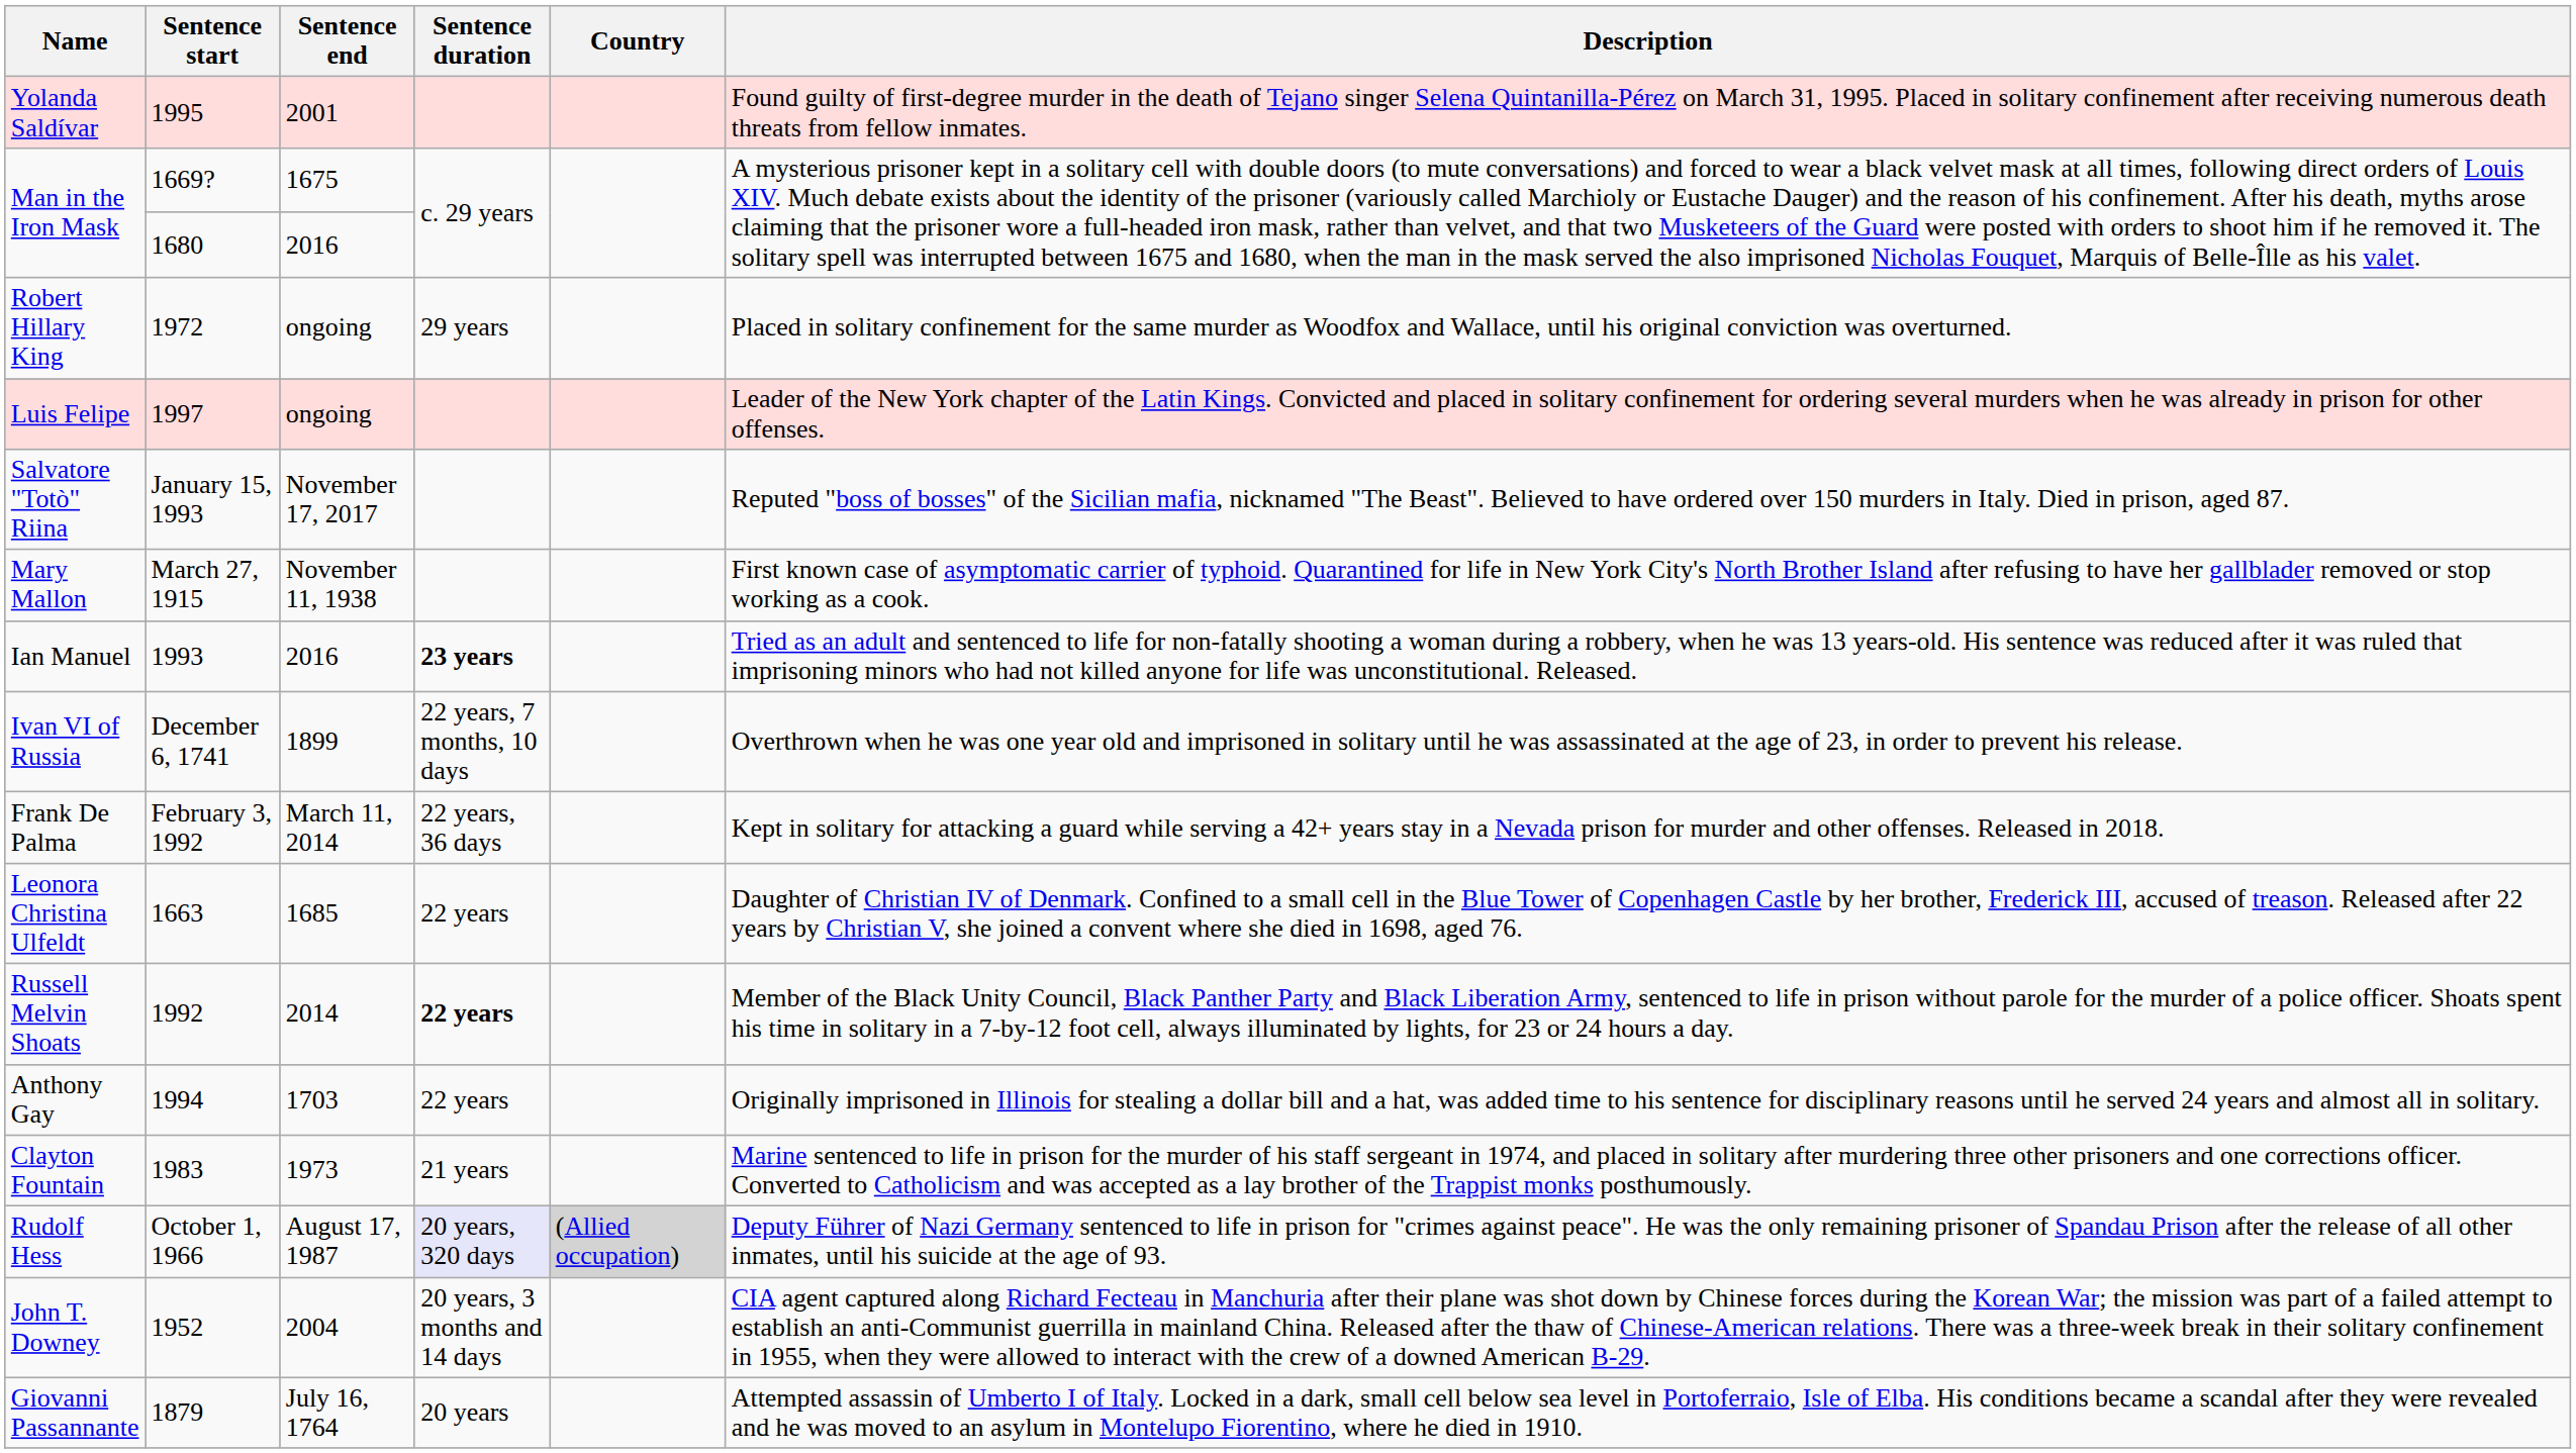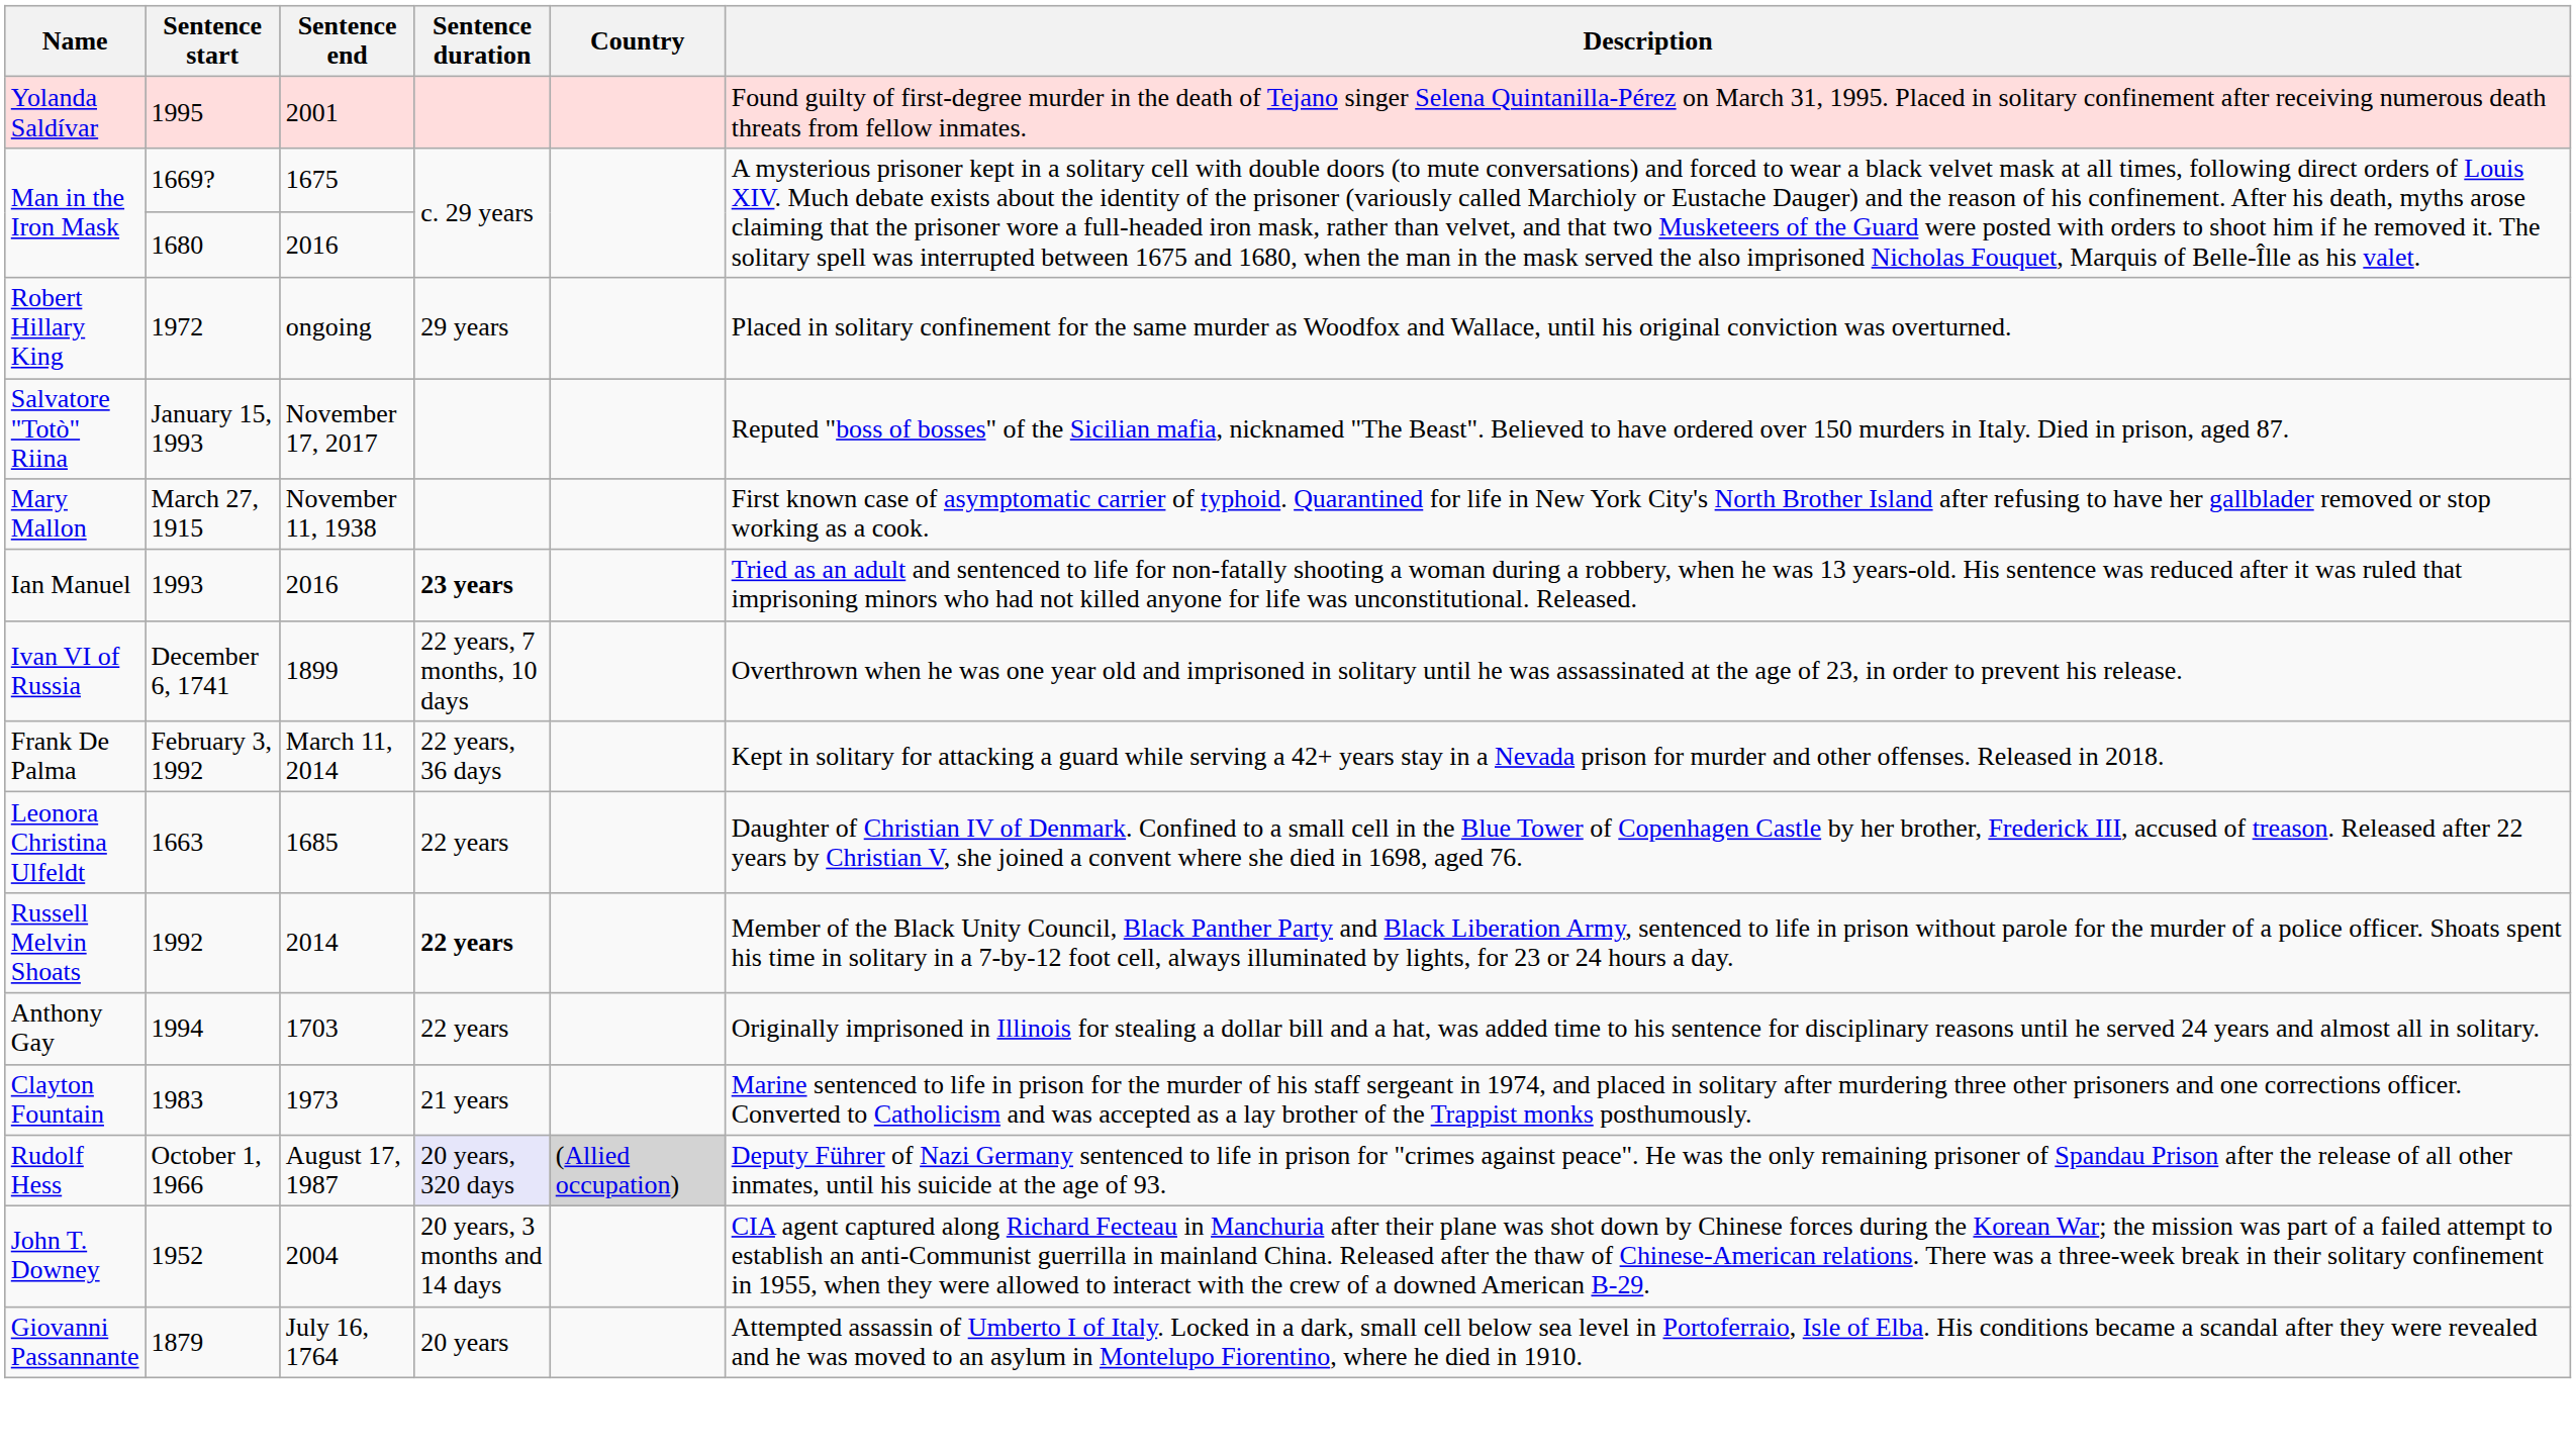 <table class="wikitable sortable" style="display: inline-table;width:;">
 <tr>
 <th style="width:76px;">Name</th>
 <th style="width:75px;">Sentence start</th>
 <th style="width:75px;">Sentence end</th>
 <th style="width:75px;">Sentence duration</th>
 <th style="width:100px;">Country</th>
 <th class="unsortable">Description</th>
 </tr>
 <tr style="background:#fdd;">
 <td><a href='#'>Yolanda Saldívar</a></td>
 <td>1995</td>
 <td>2001</td>
 <td></td>
 <td> </td>
 <td>Found guilty of first-degree murder in the death of <a href='#'>Tejano</a> singer <a href='#'>Selena Quintanilla-Pérez</a> on March 31, 1995. Placed in solitary confinement after receiving numerous death threats from fellow inmates.</td>
 </tr>
 <tr>
 <td rowspan="2"><a href='#'>Man in the Iron Mask</a></td>
 <td>1669?</td>
 <td>1675</td>
 <td rowspan="2">c. 29 years</td>
 <td rowspan="2"> </td>
 <td rowspan="2">A mysterious prisoner kept in a solitary cell with double doors (to mute conversations) and forced to wear a black velvet mask at all times, following direct orders of <a href='#'>Louis XIV</a>. Much debate exists about the identity of the prisoner (variously called Marchioly or Eustache Dauger) and the reason of his confinement. After his death, myths arose claiming that the prisoner wore a full-headed iron mask, rather than velvet, and that two <a href='#'>Musketeers of the Guard</a> were posted with orders to shoot him if he removed it. The solitary spell was interrupted between 1675 and 1680, when the man in the mask served the also imprisoned <a href='#'>Nicholas Fouquet</a>, Marquis of Belle-Îlle as his <a href='#'>valet</a>.</td>
 </tr>
 <tr>
 <td>1680</td>
 <td>2016</td>
 </tr>
 <tr>
 <td><a href='#'>Robert Hillary King</a></td>
 <td>1972</td>
 <td>ongoing</td>
 <td>29 years</td>
 <td> </td>
 <td>Placed in solitary confinement for the same murder as Woodfox and Wallace, until his original conviction was overturned.</td>
-</tr>
-<tr style="background:#fdd;">
-<td><a href='#'>Luis Felipe</a></td>
-<td>1997</td>
-<td>ongoing</td>
-<td></td>
-<td> </td>
-<td>Leader of the New York chapter of the <a href='#'>Latin Kings</a>. Convicted and placed in solitary confinement for ordering several murders when he was already in prison for other offenses.</td>
 </tr>
 <tr>
 <td><a href='#'>Salvatore "Totò" Riina</a></td>
 <td>January 15, 1993</td>
 <td>November 17, 2017</td>
 <td></td>
 <td> </td>
 <td>Reputed "<a href='#'>boss of bosses</a>" of the <a href='#'>Sicilian mafia</a>, nicknamed "The Beast". Believed to have ordered over 150 murders in Italy. Died in prison, aged 87.</td>
 </tr>
 <tr>
 <td><a href='#'>Mary Mallon</a></td>
 <td>March 27, 1915</td>
 <td>November 11, 1938</td>
 <td></td>
 <td> </td>
 <td>First known case of <a href='#'>asymptomatic carrier</a> of <a href='#'>typhoid</a>. <a href='#'>Quarantined</a> for life in New York City's <a href='#'>North Brother Island</a> after refusing to have her <a href='#'>gallblader</a> removed or stop working as a cook.</td>
 </tr>
 <tr>
 <td>Ian Manuel</td>
 <td>1993</td>
 <td>2016</td>
 <td><strong>23 years</strong></td>
 <td> </td>
 <td><a href='#'>Tried as an adult</a> and sentenced to life for non-fatally shooting a woman during a robbery, when he was 13 years-old. His sentence was reduced after it was ruled that imprisoning minors who had not killed anyone for life was unconstitutional. Released.</td>
 </tr>
 <tr>
 <td><a href='#'>Ivan VI of Russia</a></td>
 <td>December 6, 1741</td>
 <td>1899</td>
 <td>22 years, 7 months, 10 days</td>
 <td> </td>
 <td>Overthrown when he was one year old and imprisoned in solitary until he was assassinated at the age of 23, in order to prevent his release.</td>
 </tr>
 <tr>
 <td>Frank De Palma</td>
 <td>February 3, 1992</td>
 <td>March 11, 2014</td>
 <td>22 years, 36 days</td>
 <td> </td>
 <td>Kept in solitary for attacking a guard while serving a 42+ years stay in a <a href='#'>Nevada</a> prison for murder and other offenses. Released in 2018.</td>
 </tr>
 <tr>
 <td><a href='#'>Leonora Christina Ulfeldt</a></td>
 <td>1663</td>
 <td>1685</td>
 <td>22 years</td>
 <td> </td>
 <td>Daughter of <a href='#'>Christian IV of Denmark</a>. Confined to a small cell in the <a href='#'>Blue Tower</a> of <a href='#'>Copenhagen Castle</a> by her brother, <a href='#'>Frederick III</a>, accused of <a href='#'>treason</a>. Released after 22 years by <a href='#'>Christian V</a>, she joined a convent where she died in 1698, aged 76.</td>
 </tr>
 <tr>
 <td><a href='#'>Russell Melvin Shoats</a></td>
 <td>1992</td>
 <td>2014</td>
 <td><strong>22 years</strong></td>
 <td> </td>
 <td>Member of the Black Unity Council, <a href='#'>Black Panther Party</a> and <a href='#'>Black Liberation Army</a>, sentenced to life in prison without parole for the murder of a police officer. Shoats spent his time in solitary in a 7-by-12 foot cell, always illuminated by lights, for 23 or 24 hours a day.</td>
 </tr>
 <tr>
 <td>Anthony Gay</td>
 <td>1994</td>
 <td>1703</td>
 <td>22 years</td>
 <td> </td>
 <td>Originally imprisoned in <a href='#'>Illinois</a> for stealing a dollar bill and a hat, was added time to his sentence for disciplinary reasons until he served 24 years and almost all in solitary.</td>
 </tr>
 <tr>
 <td><a href='#'>Clayton Fountain</a></td>
 <td>1983</td>
 <td>1973</td>
 <td>21 years</td>
 <td> </td>
 <td><a href='#'>Marine</a> sentenced to life in prison for the murder of his staff sergeant in 1974, and placed in solitary after murdering three other prisoners and one corrections officer. Converted to <a href='#'>Catholicism</a> and was accepted as a lay brother of the <a href='#'>Trappist monks</a> posthumously.</td>
 </tr>
 <tr>
 <td><a href='#'>Rudolf Hess</a></td>
 <td>October 1, 1966</td>
 <td>August 17, 1987</td>
 <td style="background: lavender;">20 years, 320 days</td>
 <td style="background: lightgrey;">  (<a href='#'>Allied occupation</a>)</td>
 <td><a href='#'>Deputy Führer</a> of <a href='#'>Nazi Germany</a> sentenced to life in prison for "crimes against peace". He was the only remaining prisoner of <a href='#'>Spandau Prison</a> after the release of all other inmates, until his suicide at the age of 93.</td>
 </tr>
 <tr>
 <td><a href='#'>John T. Downey</a></td>
 <td>1952</td>
 <td>2004</td>
 <td>20 years, 3 months and 14 days</td>
 <td> </td>
 <td><a href='#'>CIA</a> agent captured along <a href='#'>Richard Fecteau</a> in <a href='#'>Manchuria</a> after their plane was shot down by Chinese forces during the <a href='#'>Korean War</a>; the mission was part of a failed attempt to establish an anti-Communist guerrilla in mainland China. Released after the thaw of <a href='#'>Chinese-American relations</a>. There was a three-week break in their solitary confinement in 1955, when they were allowed to interact with the crew of a downed American <a href='#'>B-29</a>.</td>
 </tr>
 <tr>
 <td><a href='#'>Giovanni Passannante</a></td>
 <td>1879</td>
 <td>July 16, 1764</td>
 <td>20 years</td>
 <td> </td>
 <td>Attempted assassin of <a href='#'>Umberto I of Italy</a>. Locked in a dark, small cell below sea level in <a href='#'>Portoferraio</a>, <a href='#'>Isle of Elba</a>. His conditions became a scandal after they were revealed and he was moved to an asylum in <a href='#'>Montelupo Fiorentino</a>, where he died in 1910.</td>
 </tr>
 </table>
